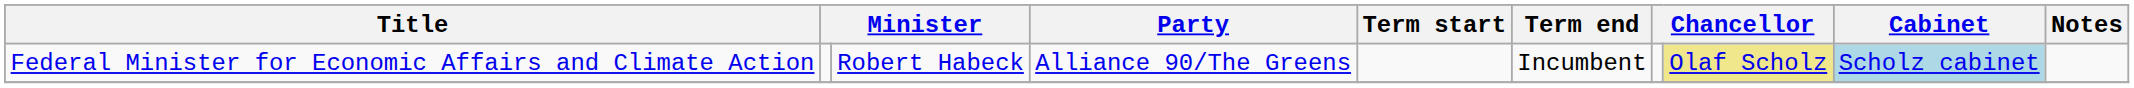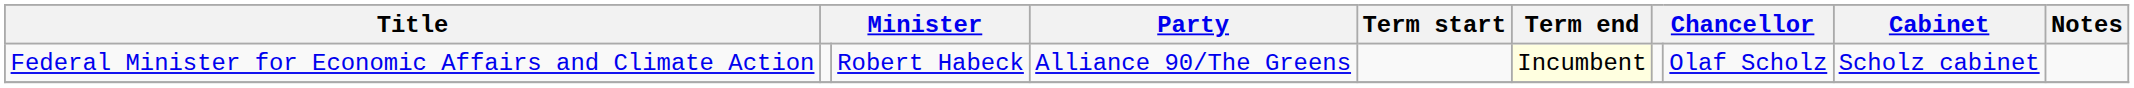 <table class="wikitable sortable">
 <tr>
 <th>Title</th>
 <th colspan=2><a href='#'>Minister</a></th>
 <th><a href='#'>Party</a></th>
 <th>Term start</th>
 <th>Term end</th>
 <th colspan=2><a href='#'>Chancellor</a></th>
 <th><a href='#'>Cabinet</a></th>
 <th class="unsortable">Notes</th>
 </tr>
 <tr>
 <td><a href='#'>Federal Minister for Economic Affairs and Climate Action</a></td>
 <td style="color:inherit;background:"></td>
 <td><a href='#'>Robert Habeck</a></td>
 <td><a href='#'>Alliance 90/The Greens</a></td>
 <td></td>
-<td>Incumbent</td>
+<td style="background: lightyellow;">Incumbent</td>
 <td style="color:inherit;background:"></td>
-<td style="background: khaki;"><a href='#'>Olaf Scholz</a></td>
-<td style="background: lightblue;"><a href='#'>Scholz cabinet</a></td>
+<td><a href='#'>Olaf Scholz</a></td>
+<td><a href='#'>Scholz cabinet</a></td>
 <td></td>
 </tr>
 <tr>
 </tr>
 </table>
